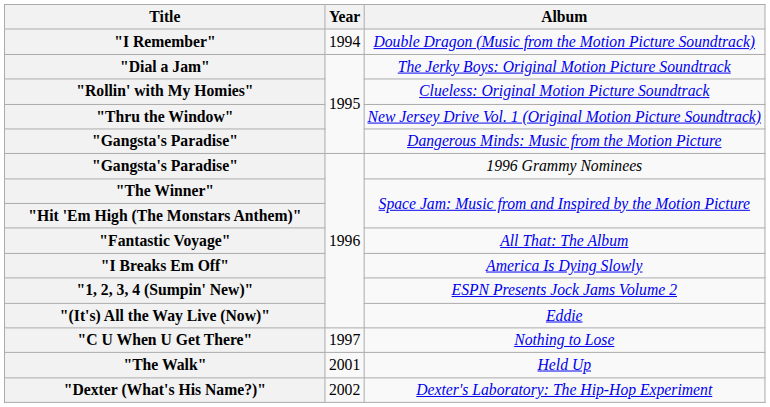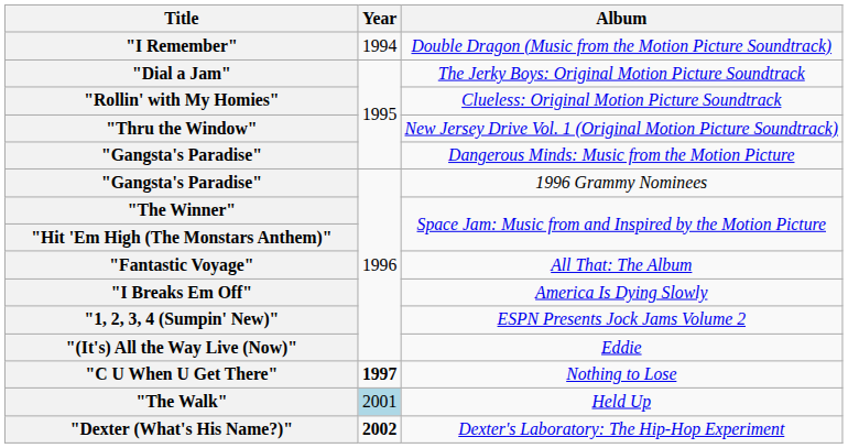 <table class="wikitable plainrowheaders" style="text-align:center;">
 <tr>
 <th scope="col" style="width:20em;">Title</th>
 <th scope="col" style="width:1em;">Year</th>
 <th scope="col">Album</th>
 </tr>
 <tr>
 <th scope="row">"I Remember"</th>
 <td>1994</td>
 <td><em><a href='#'>Double Dragon (Music from the Motion Picture Soundtrack)</a></em></td>
 </tr>
 <tr>
 <th scope="row">"Dial a Jam"</th>
 <td rowspan="4">1995</td>
 <td><em><a href='#'>The Jerky Boys: Original Motion Picture Soundtrack</a></em></td>
 </tr>
 <tr>
 <th scope="row">"Rollin' with My Homies"</th>
 <td><em><a href='#'>Clueless: Original Motion Picture Soundtrack</a></em></td>
 </tr>
 <tr>
 <th scope="row">"Thru the Window"</th>
 <td><em><a href='#'>New Jersey Drive Vol. 1 (Original Motion Picture Soundtrack)</a></em></td>
 </tr>
 <tr>
 <th scope="row">"Gangsta's Paradise"</th>
 <td><em><a href='#'>Dangerous Minds: Music from the Motion Picture</a></em></td>
 </tr>
 <tr>
 <th scope="row">"Gangsta's Paradise"</th>
 <td rowspan="7">1996</td>
 <td><em>1996 Grammy Nominees</em></td>
 </tr>
 <tr>
 <th scope="row">"The Winner"</th>
 <td rowspan="2"><em><a href='#'>Space Jam: Music from and Inspired by the Motion Picture</a></em></td>
 </tr>
 <tr>
 <th scope="row">"Hit 'Em High (The Monstars Anthem)"</th>
 </tr>
 <tr>
 <th scope="row">"Fantastic Voyage"</th>
 <td><em><a href='#'>All That: The Album</a></em></td>
 </tr>
 <tr>
 <th scope="row">"I Breaks Em Off"</th>
 <td><em><a href='#'>America Is Dying Slowly</a></em></td>
 </tr>
 <tr>
 <th scope="row">"1, 2, 3, 4 (Sumpin' New)"</th>
 <td><em><a href='#'>ESPN Presents Jock Jams Volume 2</a></em></td>
 </tr>
 <tr>
 <th scope="row">"(It's) All the Way Live (Now)"</th>
 <td><em><a href='#'>Eddie</a></em></td>
 </tr>
 <tr>
 <th scope="row">"C U When U Get There"</th>
-<td>1997</td>
+<td><strong>1997</strong></td>
 <td><em><a href='#'>Nothing to Lose</a></em></td>
 </tr>
 <tr>
 <th scope="row">"The Walk"</th>
-<td>2001</td>
+<td style="background: lightblue;">2001</td>
 <td><em><a href='#'>Held Up</a></em></td>
 </tr>
 <tr>
 <th scope="row">"Dexter (What's His Name?)"</th>
-<td>2002</td>
+<td><strong>2002</strong></td>
 <td><em><a href='#'>Dexter's Laboratory: The Hip-Hop Experiment</a></em></td>
 </tr>
 </table>
